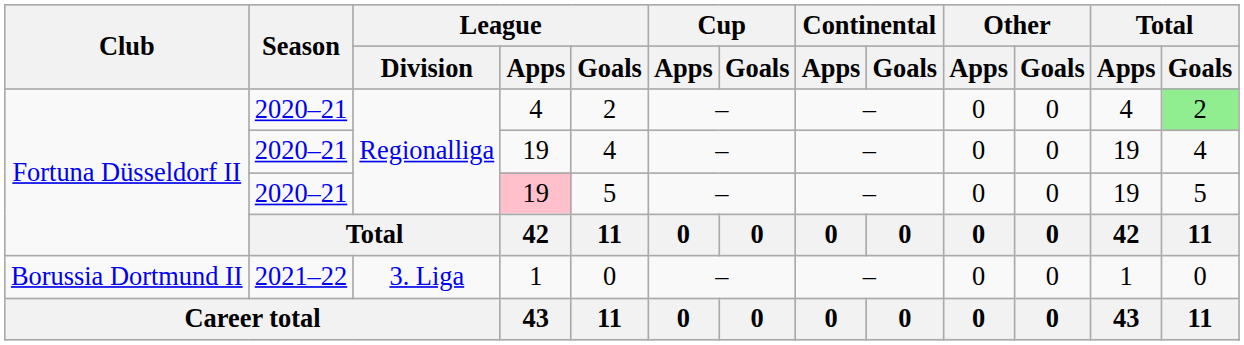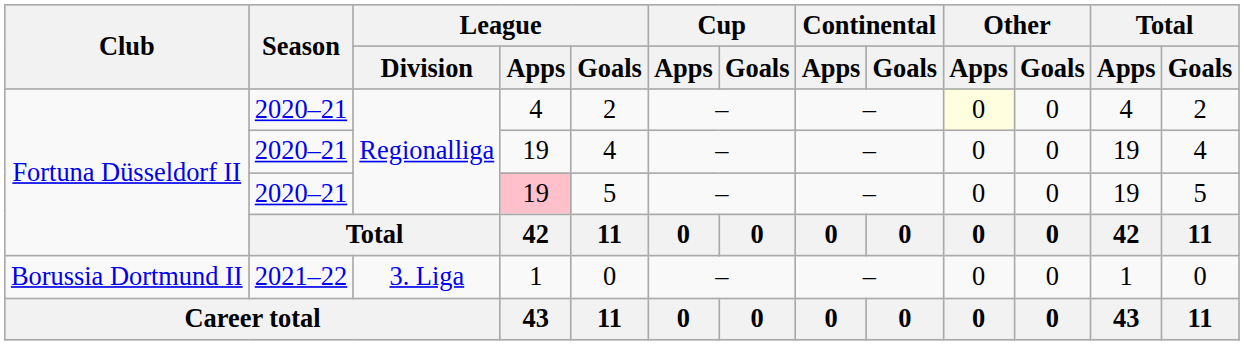 <table class="wikitable" style="text-align: center">
 <tr>
 <th rowspan="2">Club</th>
 <th rowspan="2">Season</th>
 <th colspan="3">League</th>
 <th colspan="2">Cup</th>
 <th colspan="2">Continental</th>
 <th colspan="2">Other</th>
 <th colspan="2">Total</th>
 </tr>
 <tr>
 <th>Division</th>
 <th>Apps</th>
 <th>Goals</th>
 <th>Apps</th>
 <th>Goals</th>
 <th>Apps</th>
 <th>Goals</th>
 <th>Apps</th>
 <th>Goals</th>
 <th>Apps</th>
 <th>Goals</th>
 </tr>
 <tr>
 <td rowspan="4"><a href='#'>Fortuna Düsseldorf II</a></td>
 <td><a href='#'>2020–21</a></td>
 <td rowspan="3"><a href='#'>Regionalliga</a></td>
 <td>4</td>
 <td>2</td>
 <td colspan="2">–</td>
 <td colspan="2">–</td>
-<td>0</td>
+<td style="background: lightyellow;">0</td>
 <td>0</td>
 <td>4</td>
-<td style="background: lightgreen;">2</td>
+<td>2</td>
 </tr>
 <tr>
 <td><a href='#'>2020–21</a></td>
 <td>19</td>
 <td>4</td>
 <td colspan="2">–</td>
 <td colspan="2">–</td>
 <td>0</td>
 <td>0</td>
 <td>19</td>
 <td>4</td>
 </tr>
 <tr>
 <td><a href='#'>2020–21</a></td>
 <td style="background: pink;">19</td>
 <td>5</td>
 <td colspan="2">–</td>
 <td colspan="2">–</td>
 <td>0</td>
 <td>0</td>
 <td>19</td>
 <td>5</td>
 </tr>
 <tr>
 <th colspan=2>Total</th>
 <th>42</th>
 <th>11</th>
 <th>0</th>
 <th>0</th>
 <th>0</th>
 <th>0</th>
 <th>0</th>
 <th>0</th>
 <th>42</th>
 <th>11</th>
 </tr>
 <tr>
 <td><a href='#'>Borussia Dortmund II</a></td>
 <td><a href='#'>2021–22</a></td>
 <td><a href='#'>3. Liga</a></td>
 <td>1</td>
 <td>0</td>
 <td colspan="2">–</td>
 <td colspan="2">–</td>
 <td>0</td>
 <td>0</td>
 <td>1</td>
 <td>0</td>
 </tr>
 <tr>
 <th colspan=3>Career total</th>
 <th>43</th>
 <th>11</th>
 <th>0</th>
 <th>0</th>
 <th>0</th>
 <th>0</th>
 <th>0</th>
 <th>0</th>
 <th>43</th>
 <th>11</th>
 </tr>
 </table>
